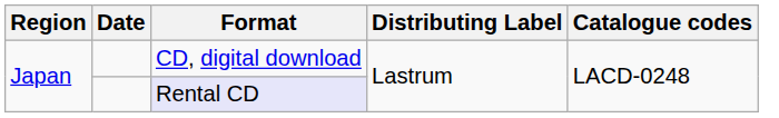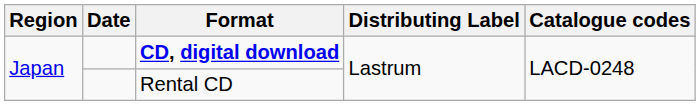 <table class="wikitable">
 <tr>
 <th>Region</th>
 <th>Date</th>
 <th>Format</th>
 <th>Distributing Label</th>
 <th>Catalogue codes</th>
 </tr>
 <tr>
 <td rowspan=2><a href='#'>Japan</a></td>
 <td></td>
-<td><a href='#'>CD</a>, <a href='#'>digital download</a></td>
+<td><strong><a href='#'>CD</a>, <a href='#'>digital download</a></strong></td>
 <td rowspan=2>Lastrum</td>
 <td rowspan=2>LACD-0248</td>
 </tr>
 <tr>
 <td></td>
-<td style="background: lavender;">Rental CD</td>
+<td>Rental CD</td>
 </tr>
 </table>
